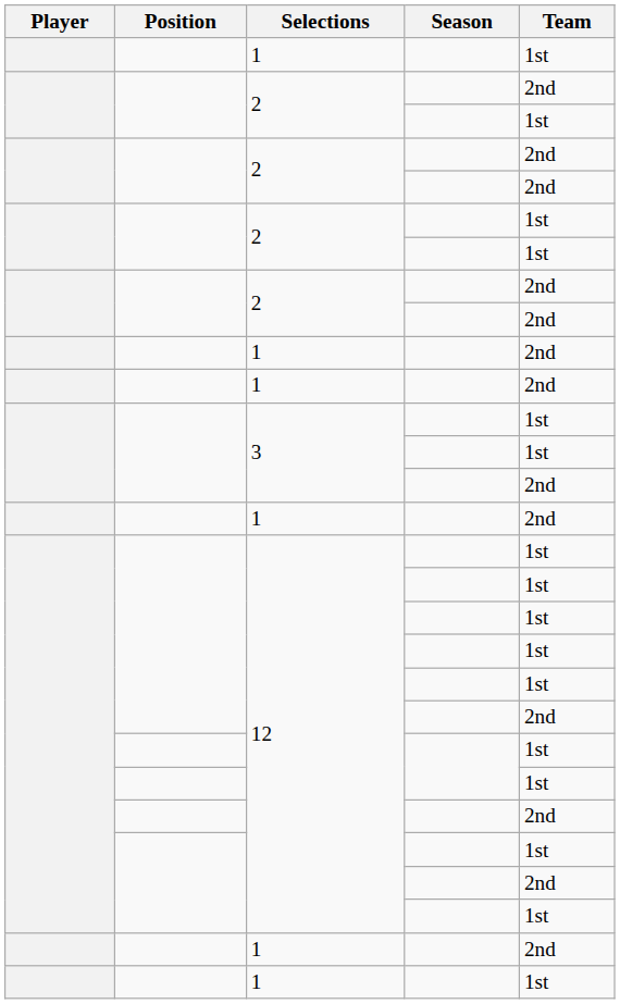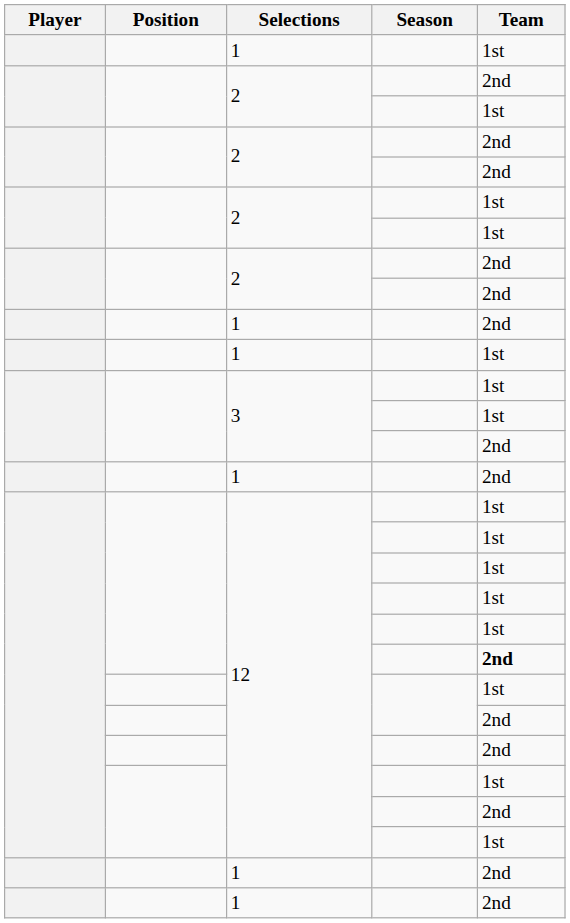 <table class="wikitable sortable" width="75%">
 <tr>
 <th scope="col">Player</th>
 <th scope="col">Position</th>
 <th scope="col">Selections</th>
 <th scope="col">Season</th>
 <th scope="col">Team</th>
 </tr>
 <tr>
 <th scope="row"></th>
 <td></td>
 <td>1</td>
 <td></td>
 <td>1st</td>
 </tr>
 <tr>
 <th scope="row" rowspan=2></th>
 <td rowspan=2></td>
 <td rowspan=2>2</td>
 <td></td>
 <td>2nd</td>
 </tr>
 <tr>
 <td></td>
 <td>1st</td>
 </tr>
 <tr>
 <th scope="row" rowspan="2"></th>
 <td rowspan="2"></td>
 <td rowspan="2">2</td>
 <td></td>
 <td>2nd</td>
 </tr>
 <tr>
 <td></td>
 <td>2nd</td>
 </tr>
 <tr>
 <th scope="row" rowspan="2"></th>
 <td rowspan="2"></td>
 <td rowspan="2">2</td>
 <td></td>
 <td>1st</td>
 </tr>
 <tr>
 <td></td>
 <td>1st</td>
 </tr>
 <tr>
 <th scope="row" rowspan="2"></th>
 <td rowspan="2"></td>
 <td rowspan="2">2</td>
 <td></td>
 <td>2nd</td>
 </tr>
 <tr>
 <td></td>
 <td>2nd</td>
 </tr>
 <tr>
 <th scope="row"></th>
 <td></td>
 <td>1</td>
 <td></td>
 <td>2nd</td>
 </tr>
 <tr>
 <th scope="row"></th>
 <td></td>
 <td>1</td>
 <td></td>
-<td>2nd</td>
+<td>1st</td>
 </tr>
 <tr>
 <th scope="row" rowspan="3"></th>
 <td rowspan="3"></td>
 <td rowspan="3">3</td>
 <td></td>
 <td>1st</td>
 </tr>
 <tr>
 <td></td>
 <td>1st</td>
 </tr>
 <tr>
 <td></td>
 <td>2nd</td>
 </tr>
 <tr>
 <th scope="row"></th>
 <td></td>
 <td>1</td>
 <td></td>
 <td>2nd</td>
 </tr>
 <tr>
 <th scope="row" rowspan="12"></th>
 <td rowspan="6"></td>
 <td rowspan="12">12</td>
 <td></td>
 <td>1st</td>
 </tr>
 <tr>
 <td></td>
 <td>1st</td>
 </tr>
 <tr>
 <td></td>
 <td>1st</td>
 </tr>
 <tr>
 <td></td>
 <td>1st</td>
 </tr>
 <tr>
 <td></td>
 <td>1st</td>
 </tr>
 <tr>
 <td></td>
-<td>2nd</td>
+<td><strong>2nd</strong></td>
 </tr>
 <tr>
 <td></td>
 <td rowspan="2"></td>
 <td>1st</td>
 </tr>
 <tr>
 <td></td>
-<td>1st</td>
+<td>2nd</td>
 </tr>
 <tr>
 <td></td>
 <td></td>
 <td>2nd</td>
 </tr>
 <tr>
 <td rowspan="3"></td>
 <td></td>
 <td>1st</td>
 </tr>
 <tr>
 <td></td>
 <td>2nd</td>
 </tr>
 <tr>
 <td></td>
 <td>1st</td>
 </tr>
 <tr>
 <th scope="row"></th>
 <td></td>
 <td>1</td>
 <td></td>
 <td>2nd</td>
 </tr>
 <tr>
 <th scope="row"></th>
 <td></td>
 <td>1</td>
 <td></td>
-<td>1st</td>
+<td>2nd</td>
 </tr>
 </table>
